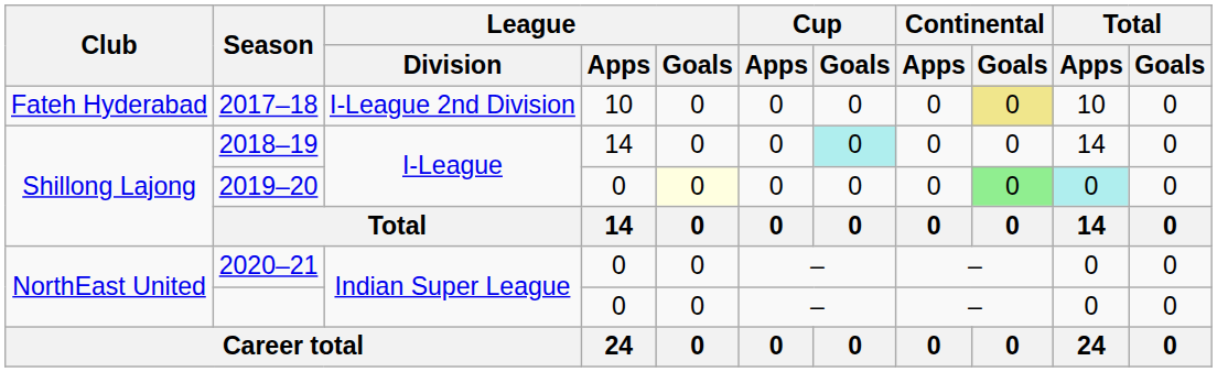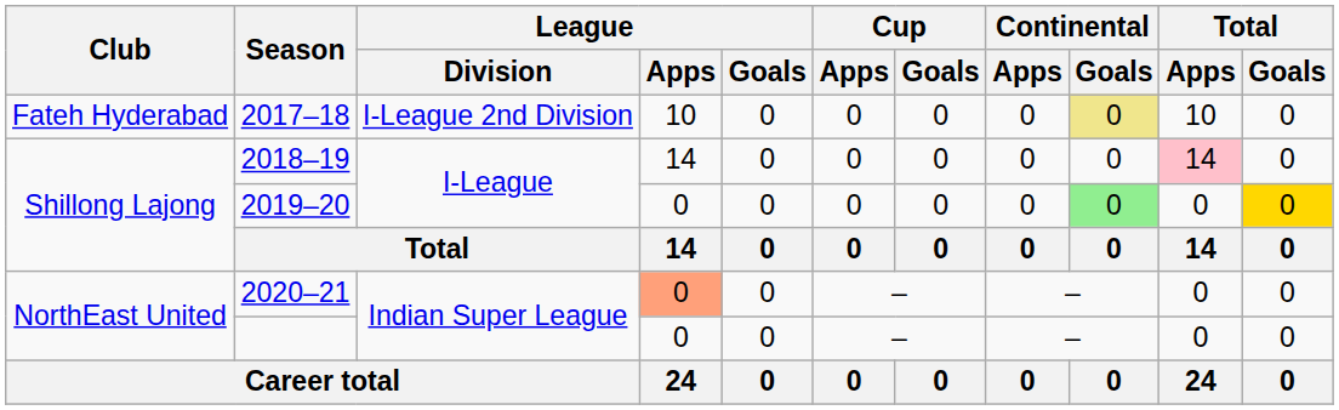 <table class="wikitable" style="text-align: center;">
 <tr>
 <th rowspan="2">Club</th>
 <th rowspan="2">Season</th>
 <th colspan="3">League</th>
 <th colspan="2">Cup</th>
 <th colspan="2">Continental</th>
 <th colspan="2">Total</th>
 </tr>
 <tr>
 <th>Division</th>
 <th>Apps</th>
 <th>Goals</th>
 <th>Apps</th>
 <th>Goals</th>
 <th>Apps</th>
 <th>Goals</th>
 <th>Apps</th>
 <th>Goals</th>
 </tr>
 <tr>
 <td><a href='#'>Fateh Hyderabad</a></td>
 <td><a href='#'>2017–18</a></td>
 <td><a href='#'>I-League 2nd Division</a></td>
 <td>10</td>
 <td>0</td>
 <td>0</td>
 <td>0</td>
 <td>0</td>
 <td style="background: khaki;">0</td>
 <td>10</td>
 <td>0</td>
 </tr>
 <tr>
 <td rowspan="3"><a href='#'>Shillong Lajong</a></td>
 <td><a href='#'>2018–19</a></td>
 <td rowspan="2"><a href='#'>I-League</a></td>
 <td>14</td>
 <td>0</td>
 <td>0</td>
-<td style="background: paleturquoise;">0</td>
 <td>0</td>
 <td>0</td>
-<td>14</td>
+<td>0</td>
+<td style="background: pink;">14</td>
 <td>0</td>
 </tr>
 <tr>
 <td><a href='#'>2019–20</a></td>
 <td>0</td>
-<td style="background: lightyellow;">0</td>
+<td>0</td>
 <td>0</td>
 <td>0</td>
 <td>0</td>
 <td style="background: lightgreen;">0</td>
-<td style="background: paleturquoise;">0</td>
 <td>0</td>
+<td style="background: gold;">0</td>
 </tr>
 <tr>
 <th colspan="2">Total</th>
 <th>14</th>
 <th>0</th>
 <th>0</th>
 <th>0</th>
 <th>0</th>
 <th>0</th>
 <th>14</th>
 <th>0</th>
 </tr>
 <tr>
 <td rowspan="2"><a href='#'>NorthEast United</a></td>
 <td><a href='#'>2020–21</a></td>
 <td rowspan="2"><a href='#'>Indian Super League</a></td>
-<td>0</td>
+<td style="background: lightsalmon;">0</td>
 <td>0</td>
 <td colspan="2">–</td>
 <td colspan="2">–</td>
 <td>0</td>
 <td>0</td>
 </tr>
 <tr>
 <td></td>
 <td>0</td>
 <td>0</td>
 <td colspan="2">–</td>
 <td colspan="2">–</td>
 <td>0</td>
 <td>0</td>
 </tr>
 <tr>
 <th colspan="3">Career total</th>
 <th>24</th>
 <th>0</th>
 <th>0</th>
 <th>0</th>
 <th>0</th>
 <th>0</th>
 <th>24</th>
 <th>0</th>
 </tr>
 </table>
